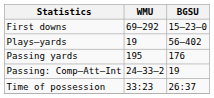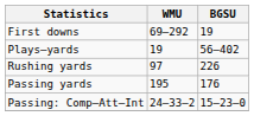 <table class="wikitable" style="float: left;">
 <tr>
 <th>Statistics</th>
 <th>WMU</th>
 <th>BGSU</th>
 </tr>
 <tr>
 <td>First downs</td>
 <td>69–292</td>
-<td>15–23–0</td>
+<td>19</td>
 </tr>
 <tr>
 <td>Plays–yards</td>
 <td>19</td>
 <td>56–402</td>
+</tr>
+<tr>
+<td>Rushing yards</td>
+<td>97</td>
+<td>226</td>
 </tr>
 <tr>
 <td>Passing yards</td>
 <td>195</td>
 <td>176</td>
 </tr>
 <tr>
 <td>Passing: Comp–Att–Int</td>
 <td>24–33–2</td>
-<td>19</td>
-</tr>
-<tr>
-<td>Time of possession</td>
-<td>33:23</td>
-<td>26:37</td>
+<td>15–23–0</td>
 </tr>
 <tr>
 </tr>
 </table>
